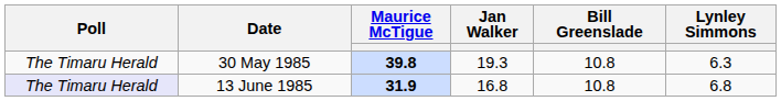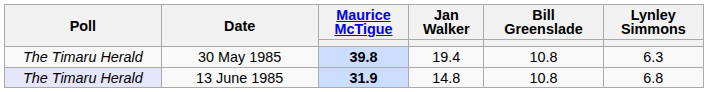 <table class="wikitable" style="width:700px;font-size:90%;line-height:14px;text-align:center;">
 <tr style="height:32px">
 <th style="width:150px;" rowspan="2">Poll</th>
 <th style="width:150px;" rowspan="2">Date</th>
 <th><a href='#'>Maurice<br>McTigue</a></th>
 <th>Jan<br>Walker</th>
 <th>Bill<br>Greenslade</th>
 <th>Lynley<br>Simmons</th>
 </tr>
 <tr>
 <th class="unsortable" style="color:inherit;background:"></th>
 <th class="unsortable" style="color:inherit;background:"></th>
 <th class="unsortable" style="color:inherit;background:"></th>
 <th class="unsortable" style="color:inherit;background:"></th>
 </tr>
 <tr>
 <td><em>The Timaru Herald</em></td>
 <td>30 May 1985</td>
 <td style="background:#CCDDFF"><strong>39.8</strong></td>
-<td>19.3</td>
+<td>19.4</td>
 <td>10.8</td>
 <td>6.3</td>
 </tr>
 <tr>
 <td style="background: lavender;"><em>The Timaru Herald</em></td>
 <td>13 June 1985</td>
 <td style="background:#CCDDFF"><strong>31.9</strong></td>
-<td>16.8</td>
+<td>14.8</td>
 <td>10.8</td>
 <td>6.8</td>
 </tr>
 <tr>
 </tr>
 </table>
